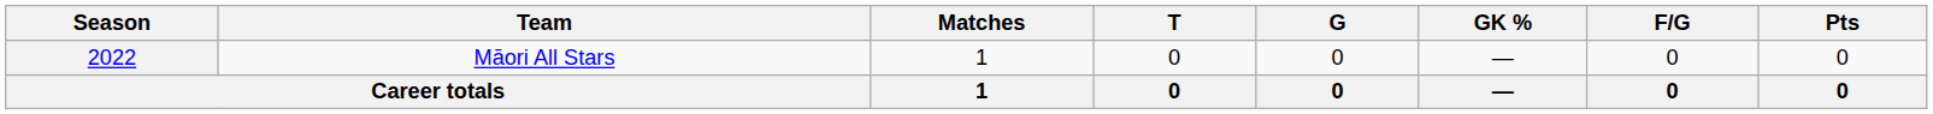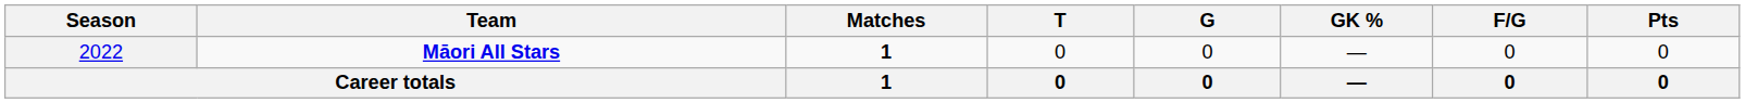 <table class="wikitable sortable"  style="font-size:90%; text-align:center; width:80%;">
 <tr>
 <th width=2%>Season</th>
 <th width=8%>Team</th>
 <th width=2%>Matches</th>
 <th width=2%>T</th>
 <th width=2%>G</th>
 <th width=2%>GK %</th>
 <th width=2%>F/G</th>
 <th width=2%>Pts</th>
 </tr>
 <tr>
 <th scope="row" style="text-align:center; font-weight:normal"><a href='#'>2022</a></th>
-<td style="text-align:center;"> <a href='#'>Māori All Stars</a></td>
-<td>1</td>
+<td style="text-align:center;"><strong> <a href='#'>Māori All Stars</a></strong></td>
+<td><strong>1</strong></td>
 <td>0</td>
 <td>0</td>
 <td>—</td>
 <td>0</td>
 <td>0</td>
 </tr>
 <tr class="sortbottom">
 <th colspan=2>Career totals</th>
 <th>1</th>
 <th>0</th>
 <th>0</th>
 <th>—</th>
 <th>0</th>
 <th>0</th>
 </tr>
 </table>
